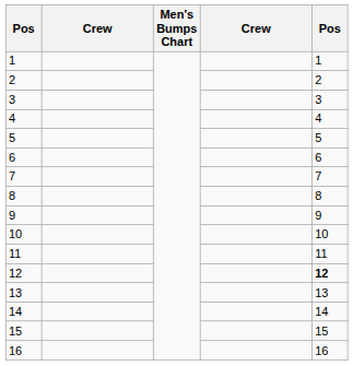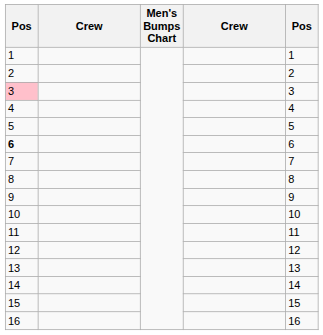 <table class="wikitable" style="font-size:88%; white-space:nowrap; margin:0.5em auto">
 <tr style="white-space:normal">
 <th width=35>Pos</th>
 <th width=125>Crew</th>
 <th width=10>Men's Bumps Chart</th>
 <th width=125>Crew</th>
 <th width=35>Pos</th>
 </tr>
 <tr>
 <td>1</td>
 <td></td>
 <td rowspan="16"><br></td>
 <td></td>
 <td>1</td>
 </tr>
 <tr>
 <td>2</td>
 <td></td>
 <td></td>
 <td>2</td>
 </tr>
 <tr>
-<td>3</td>
+<td style="background: pink;">3</td>
 <td></td>
 <td></td>
 <td>3</td>
 </tr>
 <tr>
 <td>4</td>
 <td></td>
 <td></td>
 <td>4</td>
 </tr>
 <tr>
 <td>5</td>
 <td></td>
 <td></td>
 <td>5</td>
 </tr>
 <tr>
-<td>6</td>
+<td><strong>6</strong></td>
 <td></td>
 <td></td>
 <td>6</td>
 </tr>
 <tr>
 <td>7</td>
 <td></td>
 <td></td>
 <td>7</td>
 </tr>
 <tr>
 <td>8</td>
 <td></td>
 <td></td>
 <td>8</td>
 </tr>
 <tr>
 <td>9</td>
 <td></td>
 <td></td>
 <td>9</td>
 </tr>
 <tr>
 <td>10</td>
 <td></td>
 <td></td>
 <td>10</td>
 </tr>
 <tr>
 <td>11</td>
 <td></td>
 <td></td>
 <td>11</td>
 </tr>
 <tr>
 <td>12</td>
 <td></td>
 <td></td>
-<td><strong>12</strong></td>
+<td>12</td>
 </tr>
 <tr>
 <td>13</td>
 <td></td>
 <td></td>
 <td>13</td>
 </tr>
 <tr>
 <td>14</td>
 <td></td>
 <td></td>
 <td>14</td>
 </tr>
 <tr>
 <td>15</td>
 <td></td>
 <td></td>
 <td>15</td>
 </tr>
 <tr>
 <td>16</td>
 <td></td>
 <td></td>
 <td>16</td>
 </tr>
 </table>
